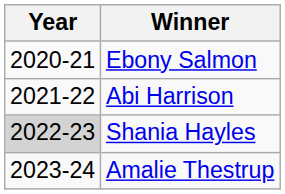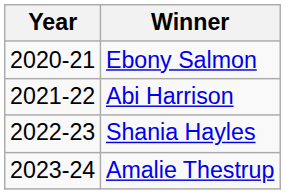 <table class="wikitable">
 <tr>
 <th>Year</th>
 <th>Winner</th>
 </tr>
 <tr>
 <td>2020-21</td>
 <td>  <a href='#'>Ebony Salmon</a></td>
 </tr>
 <tr>
 <td>2021-22</td>
 <td> <a href='#'>Abi Harrison</a></td>
 </tr>
 <tr>
-<td style="background: lightgrey;">2022-23</td>
+<td>2022-23</td>
 <td><a href='#'>Shania Hayles</a></td>
 </tr>
 <tr>
 <td>2023-24</td>
 <td><a href='#'>Amalie Thestrup</a></td>
 </tr>
 </table>
